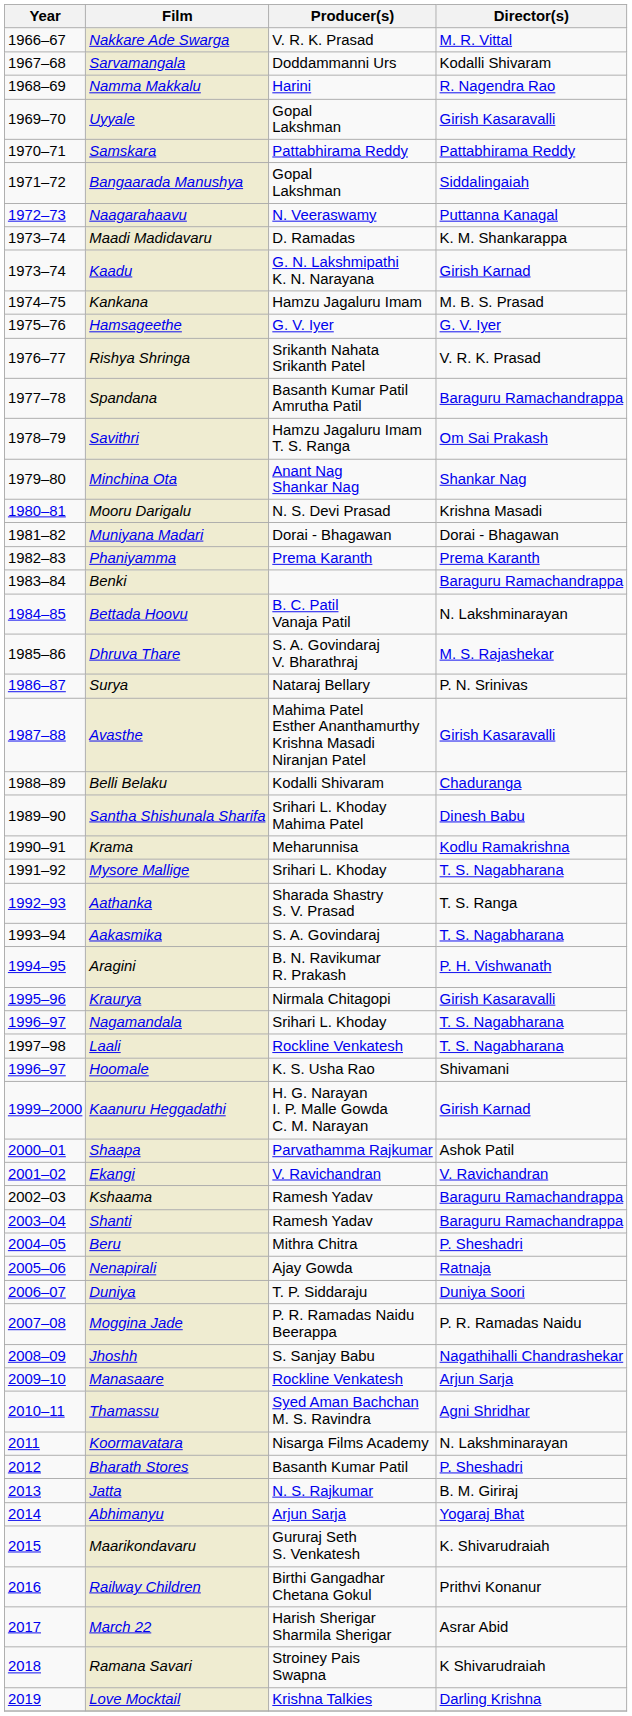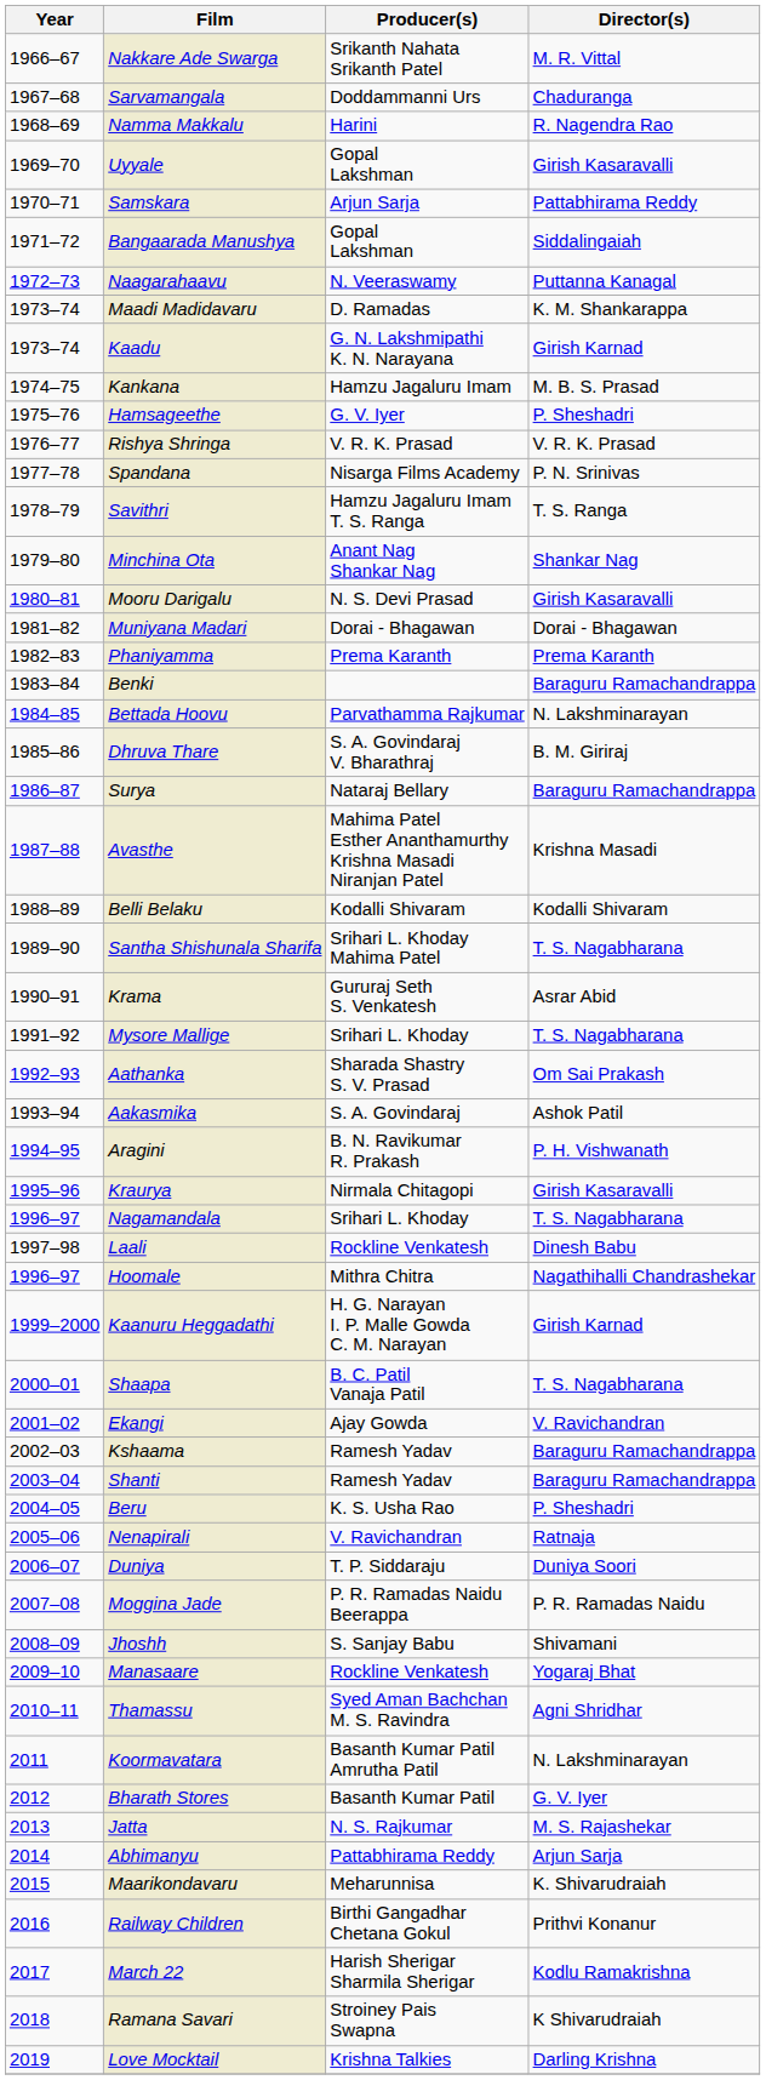 <table class="wikitable sortable">
 <tr>
 <th scope="col">Year</th>
 <th scope="col">Film</th>
 <th scope="col">Producer(s)</th>
 <th scope="col">Director(s)</th>
 </tr>
 <tr>
 <td>1966–67</td>
 <td style="background-color:#EFECD1"><em><a href='#'>Nakkare Ade Swarga</a></em></td>
-<td>V. R. K. Prasad</td>
+<td>Srikanth Nahata<br>Srikanth Patel</td>
 <td><a href='#'>M. R. Vittal</a></td>
 </tr>
 <tr>
 <td>1967–68</td>
 <td style="background-color:#EFECD1"><em><a href='#'>Sarvamangala</a></em></td>
 <td>Doddammanni Urs</td>
-<td>Kodalli Shivaram</td>
+<td><a href='#'>Chaduranga</a></td>
 </tr>
 <tr>
 <td>1968–69</td>
 <td style="background-color:#EFECD1"><em><a href='#'>Namma Makkalu</a></em></td>
 <td><a href='#'>Harini</a></td>
 <td><a href='#'>R. Nagendra Rao</a></td>
 </tr>
 <tr>
 <td>1969–70</td>
 <td style="background-color:#EFECD1"><em><a href='#'>Uyyale</a></em></td>
 <td>Gopal<br>Lakshman</td>
 <td><a href='#'>Girish Kasaravalli</a></td>
 </tr>
 <tr>
 <td>1970–71</td>
 <td style="background-color:#EFECD1"><em><a href='#'>Samskara</a></em></td>
-<td><a href='#'>Pattabhirama Reddy</a></td>
+<td><a href='#'>Arjun Sarja</a></td>
 <td><a href='#'>Pattabhirama Reddy</a></td>
 </tr>
 <tr>
 <td>1971–72</td>
 <td style="background-color:#EFECD1"><em><a href='#'>Bangaarada Manushya</a></em></td>
 <td>Gopal<br>Lakshman</td>
 <td><a href='#'>Siddalingaiah</a></td>
 </tr>
 <tr>
 <td><a href='#'>1972–73</a></td>
 <td style="background-color:#EFECD1"><em><a href='#'>Naagarahaavu</a></em></td>
 <td><a href='#'>N. Veeraswamy</a></td>
 <td><a href='#'>Puttanna Kanagal</a></td>
 </tr>
 <tr>
 <td>1973–74</td>
 <td style="background-color:#EFECD1"><em>Maadi Madidavaru</em></td>
 <td>D. Ramadas</td>
 <td>K. M. Shankarappa</td>
 </tr>
 <tr>
 <td>1973–74</td>
 <td style="background-color:#EFECD1"><em><a href='#'>Kaadu</a></em></td>
 <td><a href='#'>G. N. Lakshmipathi</a><br>K. N. Narayana</td>
 <td><a href='#'>Girish Karnad</a></td>
 </tr>
 <tr>
 <td>1974–75</td>
 <td style="background-color:#EFECD1"><em>Kankana</em></td>
 <td>Hamzu Jagaluru Imam</td>
 <td>M. B. S. Prasad</td>
 </tr>
 <tr>
 <td>1975–76</td>
 <td style="background-color:#EFECD1"><em><a href='#'>Hamsageethe</a></em></td>
 <td><a href='#'>G. V. Iyer</a></td>
-<td><a href='#'>G. V. Iyer</a></td>
+<td><a href='#'>P. Sheshadri</a></td>
 </tr>
 <tr>
 <td>1976–77</td>
 <td style="background-color:#EFECD1"><em>Rishya Shringa</em></td>
-<td>Srikanth Nahata<br>Srikanth Patel</td>
+<td>V. R. K. Prasad</td>
 <td>V. R. K. Prasad</td>
 </tr>
 <tr>
 <td>1977–78</td>
 <td style="background-color:#EFECD1"><em>Spandana</em></td>
-<td>Basanth Kumar Patil<br>Amrutha Patil</td>
-<td><a href='#'>Baraguru Ramachandrappa</a></td>
+<td>Nisarga Films Academy</td>
+<td>P. N. Srinivas</td>
 </tr>
 <tr>
 <td>1978–79</td>
 <td style="background-color:#EFECD1"><em><a href='#'>Savithri</a></em></td>
 <td>Hamzu Jagaluru Imam<br>T. S. Ranga</td>
-<td><a href='#'>Om Sai Prakash</a></td>
+<td>T. S. Ranga</td>
 </tr>
 <tr>
 <td>1979–80</td>
 <td style="background-color:#EFECD1"><em><a href='#'>Minchina Ota</a></em></td>
 <td><a href='#'>Anant Nag</a><br><a href='#'>Shankar Nag</a></td>
 <td><a href='#'>Shankar Nag</a></td>
 </tr>
 <tr>
 <td><a href='#'>1980–81</a></td>
 <td style="background-color:#EFECD1"><em>Mooru Darigalu</em></td>
 <td>N. S. Devi Prasad</td>
-<td>Krishna Masadi</td>
+<td><a href='#'>Girish Kasaravalli</a></td>
 </tr>
 <tr>
 <td>1981–82</td>
 <td style="background-color:#EFECD1"><em><a href='#'>Muniyana Madari</a></em></td>
 <td>Dorai - Bhagawan</td>
 <td>Dorai - Bhagawan</td>
 </tr>
 <tr>
 <td>1982–83</td>
 <td style="background-color:#EFECD1"><em><a href='#'>Phaniyamma</a></em></td>
 <td><a href='#'>Prema Karanth</a></td>
 <td><a href='#'>Prema Karanth</a></td>
 </tr>
 <tr>
 <td>1983–84</td>
 <td style="background-color:#EFECD1"><em>Benki</em></td>
 <td></td>
 <td><a href='#'>Baraguru Ramachandrappa</a></td>
 </tr>
 <tr>
 <td><a href='#'>1984–85</a></td>
 <td style="background-color:#EFECD1"><em><a href='#'>Bettada Hoovu</a></em></td>
-<td><a href='#'>B. C. Patil</a><br>Vanaja Patil</td>
+<td><a href='#'>Parvathamma Rajkumar</a></td>
 <td>N. Lakshminarayan</td>
 </tr>
 <tr>
 <td>1985–86</td>
 <td style="background-color:#EFECD1"><em><a href='#'>Dhruva Thare</a></em></td>
 <td>S. A. Govindaraj<br>V. Bharathraj</td>
-<td><a href='#'>M. S. Rajashekar</a></td>
+<td>B. M. Giriraj</td>
 </tr>
 <tr>
 <td><a href='#'>1986–87</a></td>
 <td style="background-color:#EFECD1"><em>Surya</em></td>
 <td>Nataraj Bellary</td>
-<td>P. N. Srinivas</td>
+<td><a href='#'>Baraguru Ramachandrappa</a></td>
 </tr>
 <tr>
 <td><a href='#'>1987–88</a></td>
 <td style="background-color:#EFECD1"><em><a href='#'>Avasthe</a></em></td>
 <td>Mahima Patel<br>Esther Ananthamurthy<br>Krishna Masadi<br>Niranjan Patel</td>
-<td><a href='#'>Girish Kasaravalli</a></td>
+<td>Krishna Masadi</td>
 </tr>
 <tr>
 <td>1988–89</td>
 <td style="background-color:#EFECD1"><em>Belli Belaku</em></td>
 <td>Kodalli Shivaram</td>
-<td><a href='#'>Chaduranga</a></td>
+<td>Kodalli Shivaram</td>
 </tr>
 <tr>
 <td>1989–90</td>
 <td style="background-color:#EFECD1"><em><a href='#'>Santha Shishunala Sharifa</a></em></td>
 <td>Srihari L. Khoday<br>Mahima Patel</td>
-<td><a href='#'>Dinesh Babu</a></td>
+<td><a href='#'>T. S. Nagabharana</a></td>
 </tr>
 <tr>
 <td>1990–91</td>
 <td style="background-color:#EFECD1"><em>Krama</em></td>
-<td>Meharunnisa</td>
-<td><a href='#'>Kodlu Ramakrishna</a></td>
+<td>Gururaj Seth<br>S. Venkatesh</td>
+<td>Asrar Abid</td>
 </tr>
 <tr>
 <td>1991–92</td>
 <td style="background-color:#EFECD1"><em><a href='#'>Mysore Mallige</a></em></td>
 <td>Srihari L. Khoday</td>
 <td><a href='#'>T. S. Nagabharana</a></td>
 </tr>
 <tr>
 <td><a href='#'>1992–93</a></td>
 <td style="background-color:#EFECD1"><em><a href='#'>Aathanka</a></em></td>
 <td>Sharada Shastry<br>S. V. Prasad</td>
-<td>T. S. Ranga</td>
+<td><a href='#'>Om Sai Prakash</a></td>
 </tr>
 <tr>
 <td>1993–94</td>
 <td style="background-color:#EFECD1"><em><a href='#'>Aakasmika</a></em></td>
 <td>S. A. Govindaraj</td>
-<td><a href='#'>T. S. Nagabharana</a></td>
+<td>Ashok Patil</td>
 </tr>
 <tr>
 <td><a href='#'>1994–95</a></td>
 <td style="background-color:#EFECD1"><em>Aragini</em></td>
 <td>B. N. Ravikumar<br>R. Prakash</td>
 <td><a href='#'>P. H. Vishwanath</a></td>
 </tr>
 <tr>
 <td><a href='#'>1995–96</a></td>
 <td style="background-color:#EFECD1"><em><a href='#'>Kraurya</a></em></td>
 <td>Nirmala Chitagopi</td>
 <td><a href='#'>Girish Kasaravalli</a></td>
 </tr>
 <tr>
 <td><a href='#'>1996–97</a></td>
 <td style="background-color:#EFECD1"><em><a href='#'>Nagamandala</a></em></td>
 <td>Srihari L. Khoday</td>
 <td><a href='#'>T. S. Nagabharana</a></td>
 </tr>
 <tr>
 <td>1997–98</td>
 <td style="background-color:#EFECD1"><em><a href='#'>Laali</a></em></td>
 <td><a href='#'>Rockline Venkatesh</a></td>
-<td><a href='#'>T. S. Nagabharana</a></td>
+<td><a href='#'>Dinesh Babu</a></td>
 </tr>
 <tr>
 <td><a href='#'>1996–97</a></td>
 <td style="background-color:#EFECD1"><em><a href='#'>Hoomale</a></em></td>
-<td>K. S. Usha Rao</td>
-<td>Shivamani</td>
+<td>Mithra Chitra</td>
+<td><a href='#'>Nagathihalli Chandrashekar</a></td>
 </tr>
 <tr>
 <td><a href='#'>1999–2000</a></td>
 <td style="background-color:#EFECD1"><em><a href='#'>Kaanuru Heggadathi</a></em></td>
 <td>H. G. Narayan<br>I. P. Malle Gowda<br>C. M. Narayan</td>
 <td><a href='#'>Girish Karnad</a></td>
 </tr>
 <tr>
 <td><a href='#'>2000–01</a></td>
 <td style="background-color:#EFECD1"><em><a href='#'>Shaapa</a></em></td>
-<td><a href='#'>Parvathamma Rajkumar</a></td>
-<td>Ashok Patil</td>
+<td><a href='#'>B. C. Patil</a><br>Vanaja Patil</td>
+<td><a href='#'>T. S. Nagabharana</a></td>
 </tr>
 <tr>
 <td><a href='#'>2001–02</a></td>
 <td style="background-color:#EFECD1"><em><a href='#'>Ekangi</a></em></td>
-<td><a href='#'>V. Ravichandran</a></td>
+<td>Ajay Gowda</td>
 <td><a href='#'>V. Ravichandran</a></td>
 </tr>
 <tr>
 <td>2002–03</td>
 <td style="background-color:#EFECD1"><em>Kshaama</em></td>
 <td>Ramesh Yadav</td>
 <td><a href='#'>Baraguru Ramachandrappa</a></td>
 </tr>
 <tr>
 <td><a href='#'>2003–04</a></td>
 <td style="background-color:#EFECD1"><em><a href='#'>Shanti</a></em></td>
 <td>Ramesh Yadav</td>
 <td><a href='#'>Baraguru Ramachandrappa</a></td>
 </tr>
 <tr>
 <td><a href='#'>2004–05</a></td>
 <td style="background-color:#EFECD1"><em><a href='#'>Beru</a></em></td>
-<td>Mithra Chitra</td>
+<td>K. S. Usha Rao</td>
 <td><a href='#'>P. Sheshadri</a></td>
 </tr>
 <tr>
 <td><a href='#'>2005–06</a></td>
 <td style="background-color:#EFECD1"><em><a href='#'>Nenapirali</a></em></td>
-<td>Ajay Gowda</td>
+<td><a href='#'>V. Ravichandran</a></td>
 <td><a href='#'>Ratnaja</a></td>
 </tr>
 <tr>
 <td><a href='#'>2006–07</a></td>
 <td style="background-color:#EFECD1"><em><a href='#'>Duniya</a></em></td>
 <td>T. P. Siddaraju</td>
 <td><a href='#'>Duniya Soori</a></td>
 </tr>
 <tr>
 <td><a href='#'>2007–08</a></td>
 <td style="background-color:#EFECD1"><em><a href='#'>Moggina Jade</a></em></td>
 <td>P. R. Ramadas Naidu<br>Beerappa</td>
 <td>P. R. Ramadas Naidu</td>
 </tr>
 <tr>
 <td><a href='#'>2008–09</a></td>
 <td style="background-color:#EFECD1"><em><a href='#'>Jhoshh</a></em></td>
 <td>S. Sanjay Babu</td>
-<td><a href='#'>Nagathihalli Chandrashekar</a></td>
+<td>Shivamani</td>
 </tr>
 <tr>
 <td><a href='#'>2009–10</a></td>
 <td style="background-color:#EFECD1"><em><a href='#'>Manasaare</a></em></td>
 <td><a href='#'>Rockline Venkatesh</a></td>
-<td><a href='#'>Arjun Sarja</a></td>
+<td><a href='#'>Yogaraj Bhat</a></td>
 </tr>
 <tr>
 <td><a href='#'>2010–11</a></td>
 <td style="background-color:#EFECD1"><em><a href='#'>Thamassu</a></em></td>
 <td><a href='#'>Syed Aman Bachchan</a><br>M. S. Ravindra</td>
 <td><a href='#'>Agni Shridhar</a></td>
 </tr>
 <tr>
 <td><a href='#'>2011</a></td>
 <td style="background-color:#EFECD1"><em><a href='#'>Koormavatara</a></em></td>
-<td>Nisarga Films Academy</td>
+<td>Basanth Kumar Patil<br>Amrutha Patil</td>
 <td>N. Lakshminarayan</td>
 </tr>
 <tr>
 <td><a href='#'>2012</a></td>
 <td style="background-color:#EFECD1"><em><a href='#'>Bharath Stores</a></em></td>
 <td>Basanth Kumar Patil</td>
-<td><a href='#'>P. Sheshadri</a></td>
+<td><a href='#'>G. V. Iyer</a></td>
 </tr>
 <tr>
 <td><a href='#'>2013</a></td>
 <td style="background-color:#EFECD1"><em><a href='#'>Jatta</a></em></td>
 <td><a href='#'>N. S. Rajkumar</a></td>
-<td>B. M. Giriraj</td>
+<td><a href='#'>M. S. Rajashekar</a></td>
 </tr>
 <tr>
 <td><a href='#'>2014</a></td>
 <td style="background-color:#EFECD1"><em><a href='#'>Abhimanyu</a></em></td>
+<td><a href='#'>Pattabhirama Reddy</a></td>
 <td><a href='#'>Arjun Sarja</a></td>
-<td><a href='#'>Yogaraj Bhat</a></td>
 </tr>
 <tr>
 <td><a href='#'>2015</a></td>
 <td style="background-color:#EFECD1"><em>Maarikondavaru</em></td>
-<td>Gururaj Seth<br>S. Venkatesh</td>
+<td>Meharunnisa</td>
 <td>K. Shivarudraiah</td>
 </tr>
 <tr>
 <td><a href='#'>2016</a></td>
 <td style="background-color:#EFECD1"><em><a href='#'>Railway Children</a></em></td>
 <td>Birthi Gangadhar<br>Chetana Gokul</td>
 <td>Prithvi Konanur</td>
 </tr>
 <tr>
 <td><a href='#'>2017</a></td>
 <td style="background-color:#EFECD1"><em><a href='#'>March 22</a></em></td>
 <td>Harish Sherigar <br> Sharmila Sherigar</td>
-<td>Asrar Abid</td>
+<td><a href='#'>Kodlu Ramakrishna</a></td>
 </tr>
 <tr>
 <td><a href='#'>2018</a></td>
 <td style="background-color:#EFECD1"><em>Ramana Savari</em></td>
 <td>Stroiney Pais<br>Swapna</td>
 <td>K Shivarudraiah</td>
 </tr>
 <tr>
 <td><a href='#'>2019</a></td>
 <td style="background-color:#EFECD1"><em><a href='#'>Love Mocktail</a></em></td>
 <td><a href='#'>Krishna Talkies</a></td>
 <td><a href='#'>Darling Krishna</a></td>
 </tr>
 <tr>
 </tr>
 </table>
